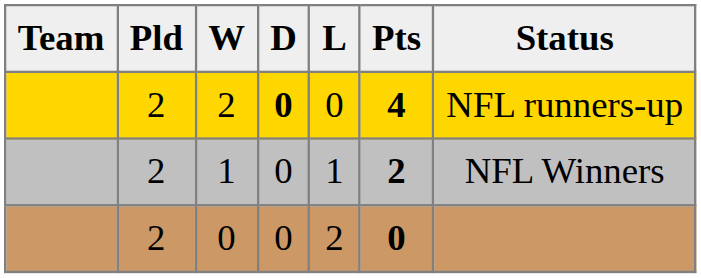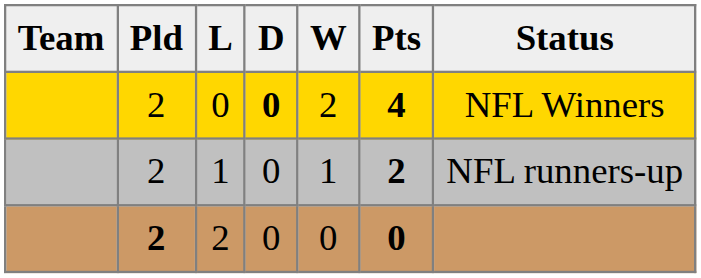 <table style=border-collapse:collapse border=1 cellspacing=0 cellpadding=5>
 <tr align=center bgcolor=#efefef>
 <th>Team</th>
 <th>Pld</th>
+<th>L</th>
+<th>D</th>
 <th>W</th>
-<th>D</th>
-<th>L</th>
 <th>Pts</th>
 <th>Status</th>
 </tr>
 <tr align=center style="background:gold;">
 <td style="text-align:left;"> </td>
 <td>2</td>
+<td>0</td>
+<td><strong>0</strong></td>
 <td>2</td>
-<td><strong>0</strong></td>
-<td>0</td>
 <td><strong>4</strong></td>
-<td rowspan=1>NFL runners-up</td>
+<td rowspan=1>NFL Winners</td>
 </tr>
 <tr align=center style="background:silver;">
 <td style="text-align:left;"> </td>
 <td>2</td>
 <td>1</td>
 <td>0</td>
 <td>1</td>
 <td><strong>2</strong></td>
-<td rowspan=1>NFL Winners</td>
+<td rowspan=1>NFL runners-up</td>
 </tr>
 <tr align=center style="background:#c96;">
 <td style="text-align:left;"> </td>
+<td><strong>2</strong></td>
 <td>2</td>
 <td>0</td>
 <td>0</td>
-<td>2</td>
 <td><strong>0</strong></td>
 <td rowspan=1></td>
 </tr>
 </table>
